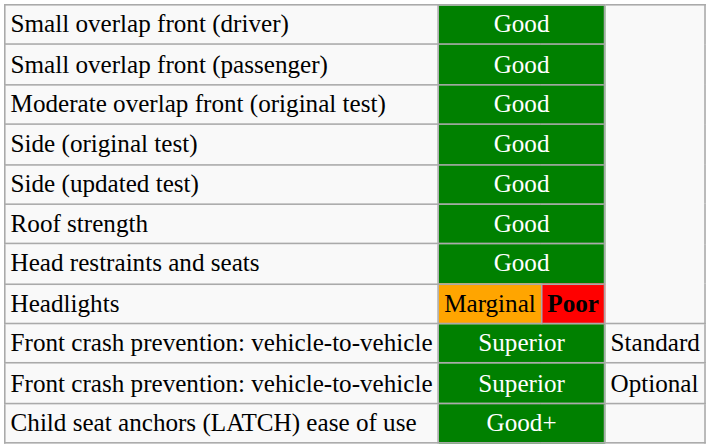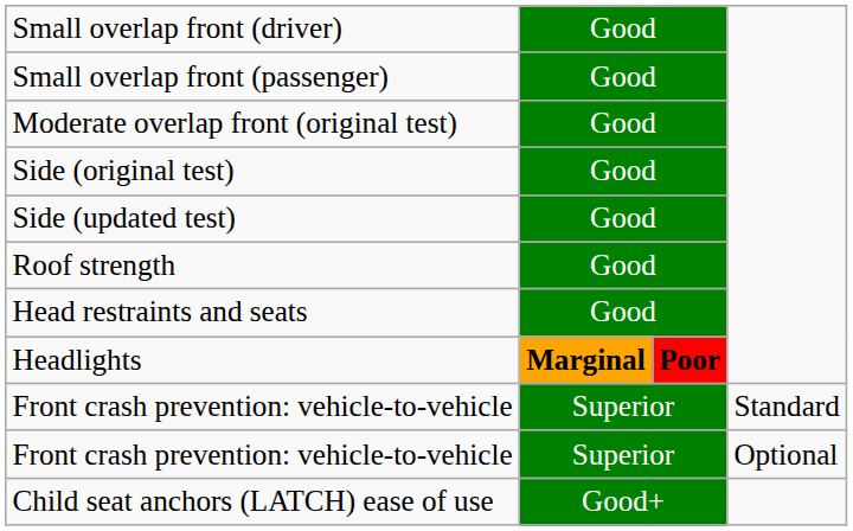 <table class="wikitable">
 <tr>
 <td>Small overlap front (driver)</td>
 <td colspan="2" style="text-align:center;color:white;background:green">Good</td>
 <td rowspan="8"></td>
 </tr>
 <tr>
 <td>Small overlap front (passenger)</td>
 <td colspan="2" style="text-align:center;color:white;background:green">Good</td>
 </tr>
 <tr>
 <td>Moderate overlap front (original test)</td>
 <td colspan="2" style="text-align:center;color:white;background:green">Good</td>
 </tr>
 <tr>
 <td>Side (original test)</td>
 <td colspan="2" style="text-align:center;color:white;background:green">Good</td>
 </tr>
 <tr>
 <td>Side (updated test)</td>
 <td colspan="2" style="text-align:center;color:white;background:green">Good</td>
 </tr>
 <tr>
 <td>Roof strength</td>
 <td colspan="2" style="text-align:center;color:white;background:green">Good</td>
 </tr>
 <tr>
 <td>Head restraints and seats</td>
 <td colspan="2" style="text-align:center;color:white;background:green">Good</td>
 </tr>
 <tr>
 <td>Headlights</td>
-<td style="text-align:center;color:black;background:orange">Marginal</td>
+<td style="text-align:center;color:black;background:orange"><strong>Marginal</strong></td>
 <td style="text-align:center;color:black;background:red"><strong>Poor</strong></td>
 </tr>
 <tr>
 <td>Front crash prevention: vehicle-to-vehicle</td>
 <td colspan="2" style="text-align:center;color:white;background:green">Superior</td>
 <td>Standard</td>
 </tr>
 <tr>
 <td>Front crash prevention: vehicle-to-vehicle</td>
 <td colspan="2" style="text-align:center;color:white;background:green">Superior</td>
 <td>Optional</td>
 </tr>
 <tr>
 <td>Child seat anchors (LATCH) ease of use</td>
 <td colspan="2" style="text-align:center;color:white;background:green">Good+</td>
 <td></td>
 </tr>
 </table>
